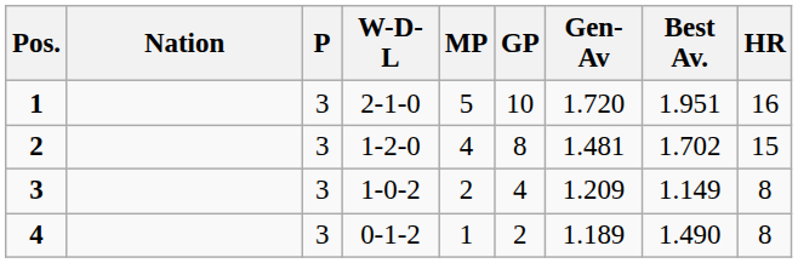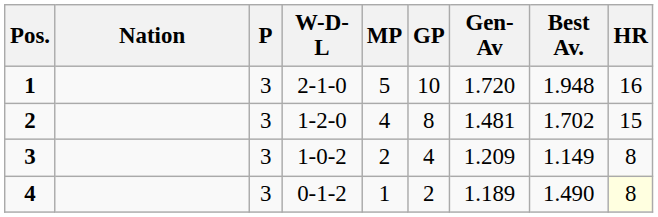 <table class="wikitable" style="text-align:center">
 <tr>
 <th>Pos.</th>
 <th style="width:8em">Nation</th>
 <th style="width:1em">P</th>
 <th style="width:3em">W-D-L</th>
 <th style="width:1em">MP</th>
 <th style="width:1em">GP</th>
 <th ! style="width:3em">Gen-Av</th>
 <th style="width:3em">Best Av.</th>
 <th style="width:1em">HR</th>
 </tr>
 <tr class="hintergrundfarbe6">
 <td><strong>1</strong></td>
 <td style="text-align:left"></td>
 <td>3</td>
 <td>2-1-0</td>
 <td>5</td>
 <td>10</td>
 <td>1.720</td>
-<td>1.951</td>
+<td>1.948</td>
 <td>16</td>
 </tr>
 <tr class="hintergrundfarbe6">
 <td><strong>2</strong></td>
 <td style="text-align:left"></td>
 <td>3</td>
 <td>1-2-0</td>
 <td>4</td>
 <td>8</td>
 <td>1.481</td>
 <td>1.702</td>
 <td>15</td>
 </tr>
 <tr>
 <td><strong>3</strong></td>
 <td style="text-align:left"></td>
 <td>3</td>
 <td>1-0-2</td>
 <td>2</td>
 <td>4</td>
 <td>1.209</td>
 <td>1.149</td>
 <td>8</td>
 </tr>
 <tr>
 <td><strong>4</strong></td>
 <td style="text-align:left"></td>
 <td>3</td>
 <td>0-1-2</td>
 <td>1</td>
 <td>2</td>
 <td>1.189</td>
 <td>1.490</td>
-<td>8</td>
+<td style="background: lightyellow;">8</td>
 </tr>
 </table>
